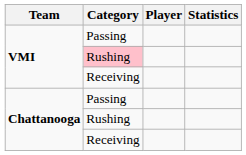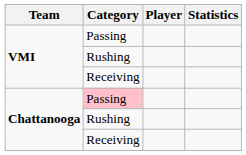 <table class="wikitable" style="float: right;">
 <tr>
 <th>Team</th>
 <th>Category</th>
 <th>Player</th>
 <th>Statistics</th>
 </tr>
 <tr>
 <td rowspan=3><strong>VMI</strong></td>
 <td>Passing</td>
 <td></td>
 <td></td>
 </tr>
 <tr>
-<td style="background: pink;">Rushing</td>
+<td>Rushing</td>
 <td></td>
 <td></td>
 </tr>
 <tr>
 <td>Receiving</td>
 <td></td>
 <td></td>
 </tr>
 <tr>
 <td rowspan=3><strong>Chattanooga</strong></td>
-<td>Passing</td>
+<td style="background: pink;">Passing</td>
 <td></td>
 <td></td>
 </tr>
 <tr>
 <td>Rushing</td>
 <td></td>
 <td></td>
 </tr>
 <tr>
 <td>Receiving</td>
 <td></td>
 <td></td>
 </tr>
 </table>
